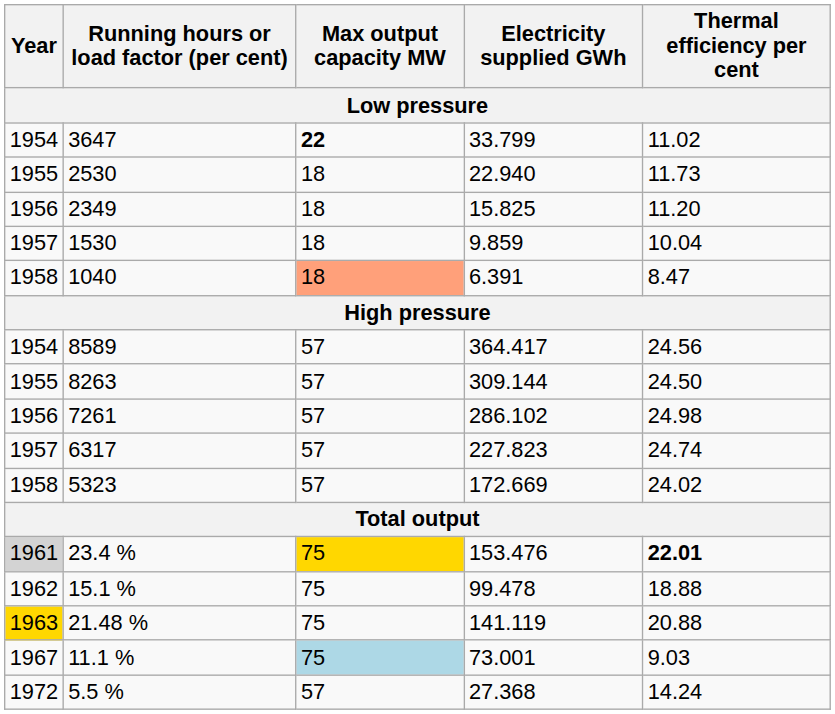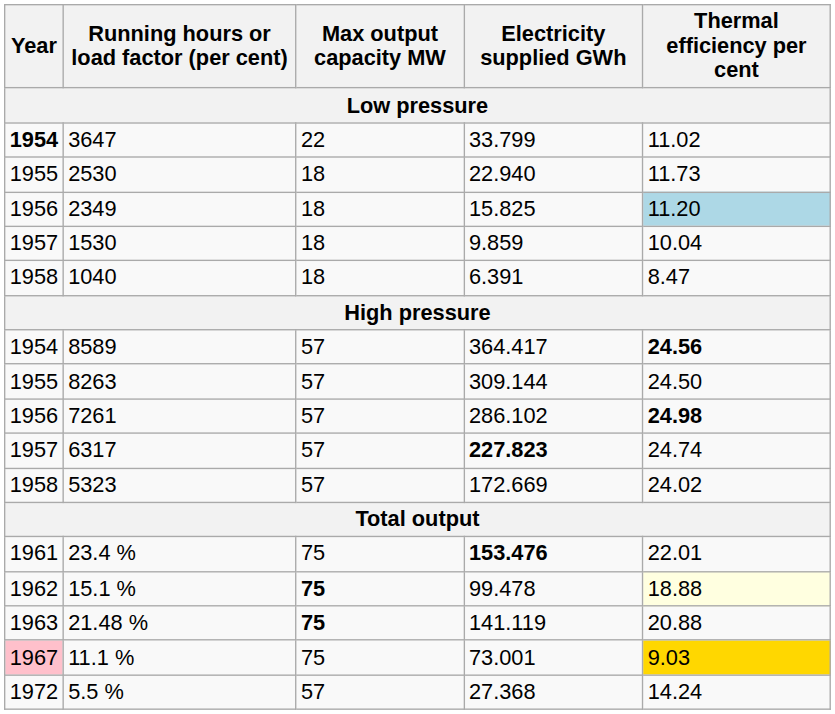 <table class="wikitable">
 <tr>
 <th>Year</th>
 <th>Running hours or load factor (per cent)</th>
 <th>Max output capacity MW</th>
 <th>Electricity supplied GWh</th>
 <th>Thermal efficiency per cent</th>
 </tr>
 <tr>
 <th colspan="5">Low pressure</th>
 </tr>
 <tr>
-<td>1954</td>
+<td><strong>1954</strong></td>
 <td>3647</td>
-<td><strong>22</strong></td>
+<td>22</td>
 <td>33.799</td>
 <td>11.02</td>
 </tr>
 <tr>
 <td>1955</td>
 <td>2530</td>
 <td>18</td>
 <td>22.940</td>
 <td>11.73</td>
 </tr>
 <tr>
 <td>1956</td>
 <td>2349</td>
 <td>18</td>
 <td>15.825</td>
-<td>11.20</td>
+<td style="background: lightblue;">11.20</td>
 </tr>
 <tr>
 <td>1957</td>
 <td>1530</td>
 <td>18</td>
 <td>9.859</td>
 <td>10.04</td>
 </tr>
 <tr>
 <td>1958</td>
 <td>1040</td>
-<td style="background: lightsalmon;">18</td>
+<td>18</td>
 <td>6.391</td>
 <td>8.47</td>
 </tr>
 <tr>
 <th colspan="5">High pressure</th>
 </tr>
 <tr>
 <td>1954</td>
 <td>8589</td>
 <td>57</td>
 <td>364.417</td>
-<td>24.56</td>
+<td><strong>24.56</strong></td>
 </tr>
 <tr>
 <td>1955</td>
 <td>8263</td>
 <td>57</td>
 <td>309.144</td>
 <td>24.50</td>
 </tr>
 <tr>
 <td>1956</td>
 <td>7261</td>
 <td>57</td>
 <td>286.102</td>
-<td>24.98</td>
+<td><strong>24.98</strong></td>
 </tr>
 <tr>
 <td>1957</td>
 <td>6317</td>
 <td>57</td>
-<td>227.823</td>
+<td><strong>227.823</strong></td>
 <td>24.74</td>
 </tr>
 <tr>
 <td>1958</td>
 <td>5323</td>
 <td>57</td>
 <td>172.669</td>
 <td>24.02</td>
 </tr>
 <tr>
 <th colspan="5">Total output</th>
 </tr>
 <tr>
-<td style="background: lightgrey;">1961</td>
+<td>1961</td>
 <td>23.4 %</td>
-<td style="background: gold;">75</td>
-<td>153.476</td>
-<td><strong>22.01</strong></td>
+<td>75</td>
+<td><strong>153.476</strong></td>
+<td>22.01</td>
 </tr>
 <tr>
 <td>1962</td>
 <td>15.1 %</td>
-<td>75</td>
+<td><strong>75</strong></td>
 <td>99.478</td>
-<td>18.88</td>
+<td style="background: lightyellow;">18.88</td>
 </tr>
 <tr>
-<td style="background: gold;">1963</td>
+<td>1963</td>
 <td>21.48 %</td>
-<td>75</td>
+<td><strong>75</strong></td>
 <td>141.119</td>
 <td>20.88</td>
 </tr>
 <tr>
-<td>1967</td>
+<td style="background: pink;">1967</td>
 <td>11.1 %</td>
-<td style="background: lightblue;">75</td>
+<td>75</td>
 <td>73.001</td>
-<td>9.03</td>
+<td style="background: gold;">9.03</td>
 </tr>
 <tr>
 <td>1972</td>
 <td>5.5 %</td>
 <td>57</td>
 <td>27.368</td>
 <td>14.24</td>
 </tr>
 </table>
